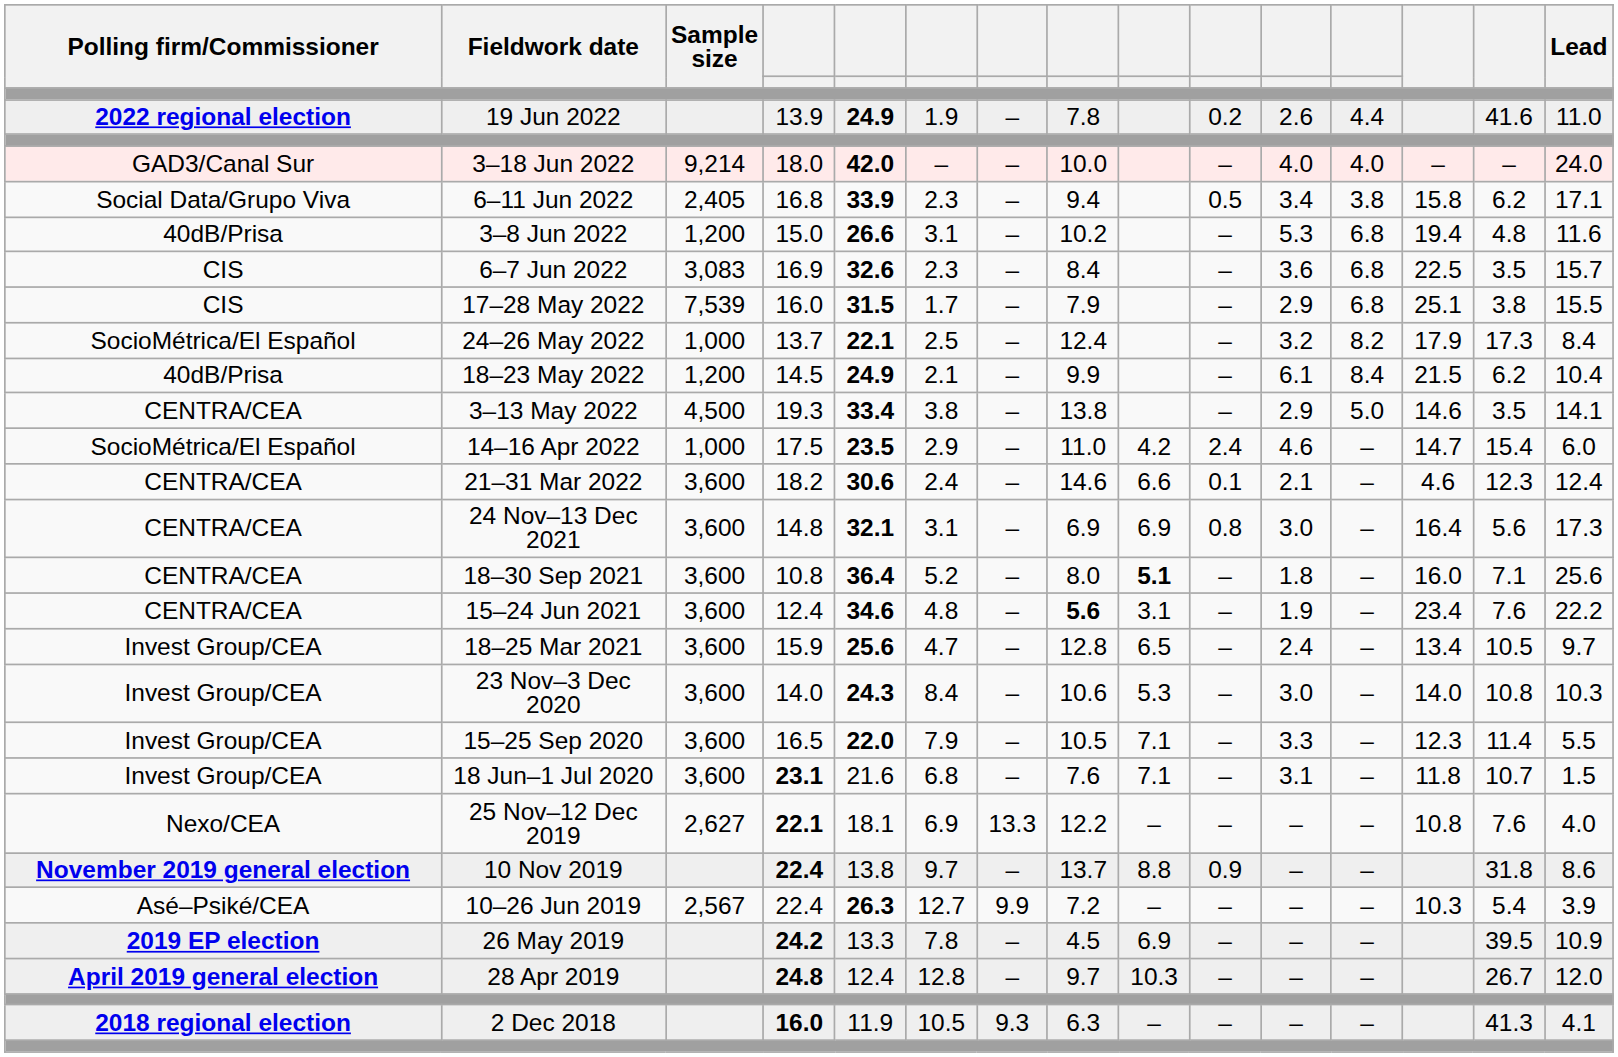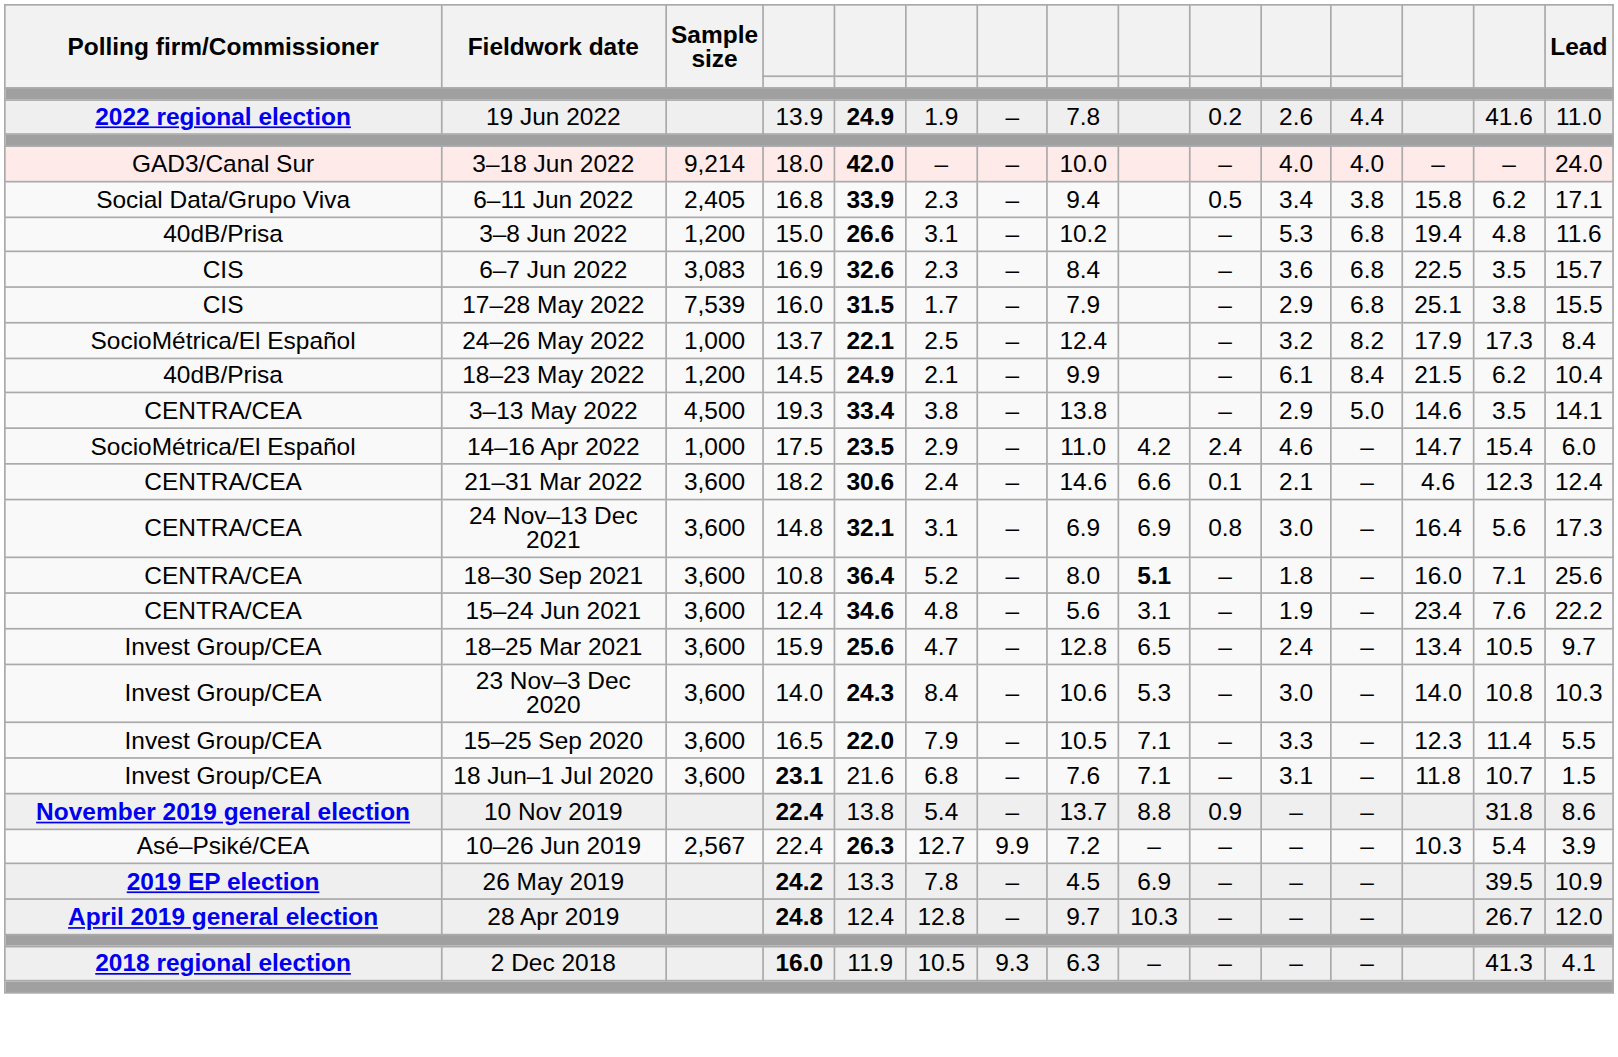 <table class="wikitable collapsible collapsed" style="text-align:center; font-size:90%; line-height:14px;">
 <tr style="height:42px;">
 <th style="width:250px;" rowspan="2">Polling firm/Commissioner</th>
 <th style="width:125px;" rowspan="2">Fieldwork date</th>
 <th style="width:50px;" rowspan="2">Sample size</th>
 <th style="width:35px;"></th>
 <th style="width:35px;"></th>
 <th style="width:35px;"></th>
 <th style="width:35px;"></th>
 <th style="width:35px;"></th>
 <th style="width:35px;"></th>
 <th style="width:35px;"></th>
 <th style="width:35px;"></th>
 <th style="width:35px;"></th>
 <th style="width:35px;" rowspan="2"></th>
 <th style="width:35px;" rowspan="2"></th>
 <th style="width:30px;" rowspan="2">Lead</th>
 </tr>
 <tr>
 <th style="color:inherit;background:"></th>
 <th style="color:inherit;background:"></th>
 <th style="color:inherit;background:"></th>
 <th style="color:inherit;background:"></th>
 <th style="color:inherit;background:"></th>
 <th style="color:inherit;background:"></th>
 <th style="color:inherit;background:"></th>
 <th style="color:inherit;background:"></th>
 <th style="color:inherit;background:"></th>
 </tr>
 <tr>
 <td colspan="15" style="background:#A0A0A0"></td>
 </tr>
 <tr style="background:#EFEFEF;">
 <td><strong><a href='#'>2022 regional election</a></strong></td>
 <td>19 Jun 2022</td>
 <td></td>
 <td>13.9</td>
 <td><strong>24.9</strong></td>
 <td>1.9</td>
 <td>–</td>
 <td>7.8</td>
 <td></td>
 <td>0.2</td>
 <td>2.6</td>
 <td>4.4</td>
 <td></td>
 <td>41.6</td>
 <td style="background:">11.0</td>
 </tr>
 <tr>
 <td colspan="15" style="background:#A0A0A0"></td>
 </tr>
 <tr style="background:#FFEAEA;">
 <td>GAD3/Canal Sur</td>
 <td>3–18 Jun 2022</td>
 <td>9,214</td>
 <td>18.0</td>
 <td><strong>42.0</strong></td>
 <td>–</td>
 <td>–</td>
 <td>10.0</td>
 <td></td>
 <td>–</td>
 <td>4.0</td>
 <td>4.0</td>
 <td>–</td>
 <td>–</td>
 <td style="background:">24.0</td>
 </tr>
 <tr>
 <td>Social Data/Grupo Viva</td>
 <td>6–11 Jun 2022</td>
 <td>2,405</td>
 <td>16.8</td>
 <td><strong>33.9</strong></td>
 <td>2.3</td>
 <td>–</td>
 <td>9.4</td>
 <td></td>
 <td>0.5</td>
 <td>3.4</td>
 <td>3.8</td>
 <td>15.8</td>
 <td>6.2</td>
 <td style="background:">17.1</td>
 </tr>
 <tr>
 <td>40dB/Prisa</td>
 <td>3–8 Jun 2022</td>
 <td>1,200</td>
 <td>15.0</td>
 <td><strong>26.6</strong></td>
 <td>3.1</td>
 <td>–</td>
 <td>10.2</td>
 <td></td>
 <td>–</td>
 <td>5.3</td>
 <td>6.8</td>
 <td>19.4</td>
 <td>4.8</td>
 <td style="background:">11.6</td>
 </tr>
 <tr>
 <td>CIS</td>
 <td>6–7 Jun 2022</td>
 <td>3,083</td>
 <td>16.9</td>
 <td><strong>32.6</strong></td>
 <td>2.3</td>
 <td>–</td>
 <td>8.4</td>
 <td></td>
 <td>–</td>
 <td>3.6</td>
 <td>6.8</td>
 <td>22.5</td>
 <td>3.5</td>
 <td style="background:">15.7</td>
 </tr>
 <tr>
 <td>CIS</td>
 <td>17–28 May 2022</td>
 <td>7,539</td>
 <td>16.0</td>
 <td><strong>31.5</strong></td>
 <td>1.7</td>
 <td>–</td>
 <td>7.9</td>
 <td></td>
 <td>–</td>
 <td>2.9</td>
 <td>6.8</td>
 <td>25.1</td>
 <td>3.8</td>
 <td style="background:">15.5</td>
 </tr>
 <tr>
 <td>SocioMétrica/El Español</td>
 <td>24–26 May 2022</td>
 <td>1,000</td>
 <td>13.7</td>
 <td><strong>22.1</strong></td>
 <td>2.5</td>
 <td>–</td>
 <td>12.4</td>
 <td></td>
 <td>–</td>
 <td>3.2</td>
 <td>8.2</td>
 <td>17.9</td>
 <td>17.3</td>
 <td style="background:">8.4</td>
 </tr>
 <tr>
 <td>40dB/Prisa</td>
 <td>18–23 May 2022</td>
 <td>1,200</td>
 <td>14.5</td>
 <td><strong>24.9</strong></td>
 <td>2.1</td>
 <td>–</td>
 <td>9.9</td>
 <td></td>
 <td>–</td>
 <td>6.1</td>
 <td>8.4</td>
 <td>21.5</td>
 <td>6.2</td>
 <td style="background:">10.4</td>
 </tr>
 <tr>
 <td>CENTRA/CEA</td>
 <td>3–13 May 2022</td>
 <td>4,500</td>
 <td>19.3</td>
 <td><strong>33.4</strong></td>
 <td>3.8</td>
 <td>–</td>
 <td>13.8</td>
 <td></td>
 <td>–</td>
 <td>2.9</td>
 <td>5.0</td>
 <td>14.6</td>
 <td>3.5</td>
 <td style="background:">14.1</td>
 </tr>
 <tr>
 <td>SocioMétrica/El Español</td>
 <td>14–16 Apr 2022</td>
 <td>1,000</td>
 <td>17.5</td>
 <td><strong>23.5</strong></td>
 <td>2.9</td>
 <td>–</td>
 <td>11.0</td>
 <td>4.2</td>
 <td>2.4</td>
 <td>4.6</td>
 <td>–</td>
 <td>14.7</td>
 <td>15.4</td>
 <td style="background:">6.0</td>
 </tr>
 <tr>
 <td>CENTRA/CEA</td>
 <td>21–31 Mar 2022</td>
 <td>3,600</td>
 <td>18.2</td>
 <td><strong>30.6</strong></td>
 <td>2.4</td>
 <td>–</td>
 <td>14.6</td>
 <td>6.6</td>
 <td>0.1</td>
 <td>2.1</td>
 <td>–</td>
 <td>4.6</td>
 <td>12.3</td>
 <td style="background:">12.4</td>
 </tr>
 <tr>
 <td>CENTRA/CEA</td>
 <td>24 Nov–13 Dec 2021</td>
 <td>3,600</td>
 <td>14.8</td>
 <td><strong>32.1</strong></td>
 <td>3.1</td>
 <td>–</td>
 <td>6.9</td>
 <td>6.9</td>
 <td>0.8</td>
 <td>3.0</td>
 <td>–</td>
 <td>16.4</td>
 <td>5.6</td>
 <td style="background:">17.3</td>
 </tr>
 <tr>
 <td>CENTRA/CEA</td>
 <td>18–30 Sep 2021</td>
 <td>3,600</td>
 <td>10.8</td>
 <td><strong>36.4</strong></td>
 <td>5.2</td>
 <td>–</td>
 <td>8.0</td>
 <td><strong>5.1</strong></td>
 <td>–</td>
 <td>1.8</td>
 <td>–</td>
 <td>16.0</td>
 <td>7.1</td>
 <td style="background:">25.6</td>
 </tr>
 <tr>
 <td>CENTRA/CEA</td>
 <td>15–24 Jun 2021</td>
 <td>3,600</td>
 <td>12.4</td>
 <td><strong>34.6</strong></td>
 <td>4.8</td>
 <td>–</td>
-<td><strong>5.6</strong></td>
+<td>5.6</td>
 <td>3.1</td>
 <td>–</td>
 <td>1.9</td>
 <td>–</td>
 <td>23.4</td>
 <td>7.6</td>
 <td style="background:">22.2</td>
 </tr>
 <tr>
 <td>Invest Group/CEA</td>
 <td>18–25 Mar 2021</td>
 <td>3,600</td>
 <td>15.9</td>
 <td><strong>25.6</strong></td>
 <td>4.7</td>
 <td>–</td>
 <td>12.8</td>
 <td>6.5</td>
 <td>–</td>
 <td>2.4</td>
 <td>–</td>
 <td>13.4</td>
 <td>10.5</td>
 <td style="background:">9.7</td>
 </tr>
 <tr>
 <td>Invest Group/CEA</td>
 <td>23 Nov–3 Dec 2020</td>
 <td>3,600</td>
 <td>14.0</td>
 <td><strong>24.3</strong></td>
 <td>8.4</td>
 <td>–</td>
 <td>10.6</td>
 <td>5.3</td>
 <td>–</td>
 <td>3.0</td>
 <td>–</td>
 <td>14.0</td>
 <td>10.8</td>
 <td style="background:">10.3</td>
 </tr>
 <tr>
 <td>Invest Group/CEA</td>
 <td>15–25 Sep 2020</td>
 <td>3,600</td>
 <td>16.5</td>
 <td><strong>22.0</strong></td>
 <td>7.9</td>
 <td>–</td>
 <td>10.5</td>
 <td>7.1</td>
 <td>–</td>
 <td>3.3</td>
 <td>–</td>
 <td>12.3</td>
 <td>11.4</td>
 <td style="background:">5.5</td>
 </tr>
 <tr>
 <td>Invest Group/CEA</td>
 <td>18 Jun–1 Jul 2020</td>
 <td>3,600</td>
 <td><strong>23.1</strong></td>
 <td>21.6</td>
 <td>6.8</td>
 <td>–</td>
 <td>7.6</td>
 <td>7.1</td>
 <td>–</td>
 <td>3.1</td>
 <td>–</td>
 <td>11.8</td>
 <td>10.7</td>
 <td style="background:">1.5</td>
 </tr>
-<tr>
-<td>Nexo/CEA</td>
-<td>25 Nov–12 Dec 2019</td>
-<td>2,627</td>
-<td><strong>22.1</strong></td>
-<td>18.1</td>
-<td>6.9</td>
-<td>13.3</td>
-<td>12.2</td>
-<td>–</td>
-<td>–</td>
-<td>–</td>
-<td>–</td>
-<td>10.8</td>
-<td>7.6</td>
-<td style="background:">4.0</td>
-</tr>
 <tr style="background:#EFEFEF;">
 <td><strong><a href='#'>November 2019 general election</a></strong></td>
 <td>10 Nov 2019</td>
 <td></td>
 <td><strong>22.4</strong></td>
 <td>13.8</td>
-<td>9.7</td>
+<td>5.4</td>
 <td>–</td>
 <td>13.7</td>
 <td>8.8</td>
 <td>0.9</td>
 <td>–</td>
 <td>–</td>
 <td></td>
 <td>31.8</td>
 <td style="background:">8.6</td>
 </tr>
 <tr>
 <td>Asé–Psiké/CEA</td>
 <td>10–26 Jun 2019</td>
 <td>2,567</td>
 <td>22.4</td>
 <td><strong>26.3</strong></td>
 <td>12.7</td>
 <td>9.9</td>
 <td>7.2</td>
 <td>–</td>
 <td>–</td>
 <td>–</td>
 <td>–</td>
 <td>10.3</td>
 <td>5.4</td>
 <td style="background:">3.9</td>
 </tr>
 <tr style="background:#EFEFEF;">
 <td><strong><a href='#'>2019 EP election</a></strong></td>
 <td>26 May 2019</td>
 <td></td>
 <td><strong>24.2</strong></td>
 <td>13.3</td>
 <td>7.8</td>
 <td>–</td>
 <td>4.5</td>
 <td>6.9</td>
 <td>–</td>
 <td>–</td>
 <td>–</td>
 <td></td>
 <td>39.5</td>
 <td style="background:">10.9</td>
 </tr>
 <tr style="background:#EFEFEF;">
 <td><strong><a href='#'>April 2019 general election</a></strong></td>
 <td>28 Apr 2019</td>
 <td></td>
 <td><strong>24.8</strong></td>
 <td>12.4</td>
 <td>12.8</td>
 <td>–</td>
 <td>9.7</td>
 <td>10.3</td>
 <td>–</td>
 <td>–</td>
 <td>–</td>
 <td></td>
 <td>26.7</td>
 <td style="background:">12.0</td>
 </tr>
 <tr>
 <td colspan="15" style="background:#A0A0A0"></td>
 </tr>
 <tr style="background:#EFEFEF;">
 <td><strong><a href='#'>2018 regional election</a></strong></td>
 <td>2 Dec 2018</td>
 <td></td>
 <td><strong>16.0</strong></td>
 <td>11.9</td>
 <td>10.5</td>
 <td>9.3</td>
 <td>6.3</td>
 <td>–</td>
 <td>–</td>
 <td>–</td>
 <td>–</td>
 <td></td>
 <td>41.3</td>
 <td style="background:">4.1</td>
 </tr>
 <tr>
 <td colspan="15" style="background:#A0A0A0"></td>
 </tr>
 </table>
